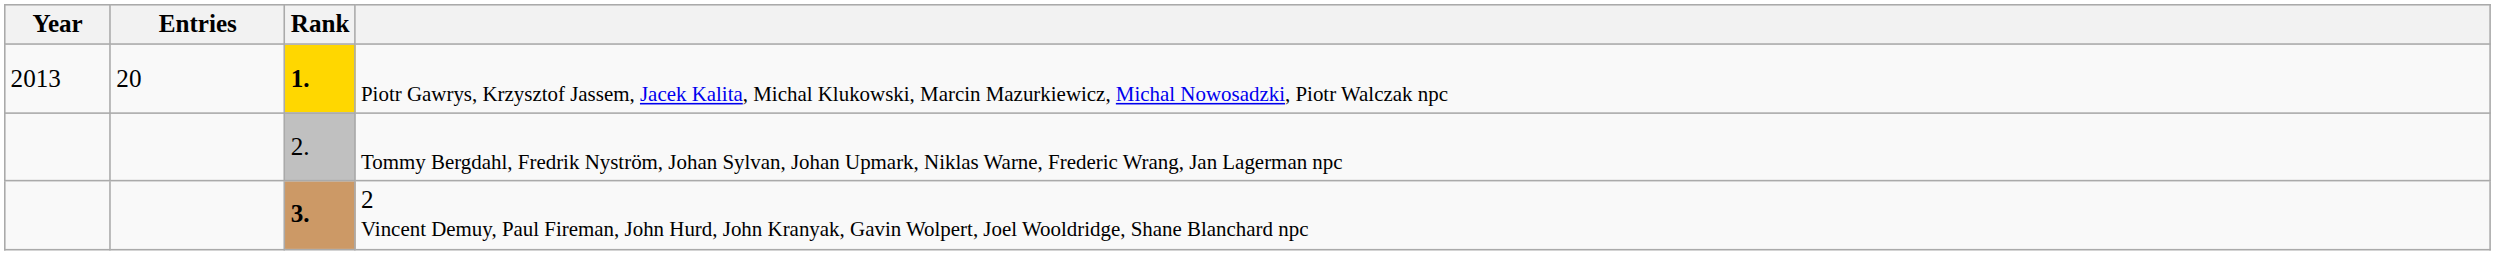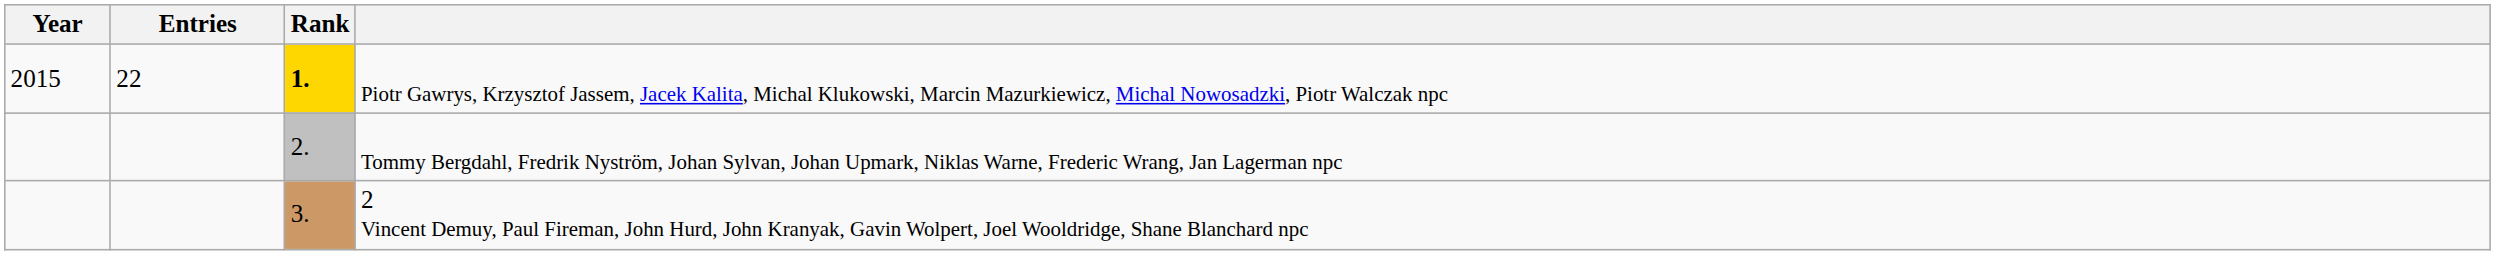 <table class="wikitable" style="width:100%;">
 <tr>
 <th>Year</th>
 <th>Entries</th>
 <th>Rank</th>
 <th></th>
 </tr>
 <tr>
-<td width=60>2013  </td>
-<td>20</td>
+<td width=60>2015  </td>
+<td>22</td>
 <td style="background:gold; width:30px;"><strong>1.</strong></td>
 <td> <br><small>Piotr Gawrys, Krzysztof Jassem, <a href='#'>Jacek Kalita</a>, Michal Klukowski, Marcin Mazurkiewicz, <a href='#'>Michal Nowosadzki</a>, Piotr Walczak npc</small></td>
 </tr>
 <tr>
 <td></td>
 <td></td>
 <td style="background:silver;">2.</td>
 <td> <br><small>Tommy Bergdahl, Fredrik Nyström, Johan Sylvan, Johan Upmark, Niklas Warne, Frederic Wrang, Jan Lagerman npc</small></td>
 </tr>
 <tr>
 <td></td>
 <td></td>
-<td style="background:#c96;"><strong>3.</strong></td>
+<td style="background:#c96;">3.</td>
 <td> 2<br><small>Vincent Demuy, Paul Fireman, John Hurd, John Kranyak, Gavin Wolpert, Joel Wooldridge, Shane Blanchard npc</small></td>
 </tr>
 </table>
